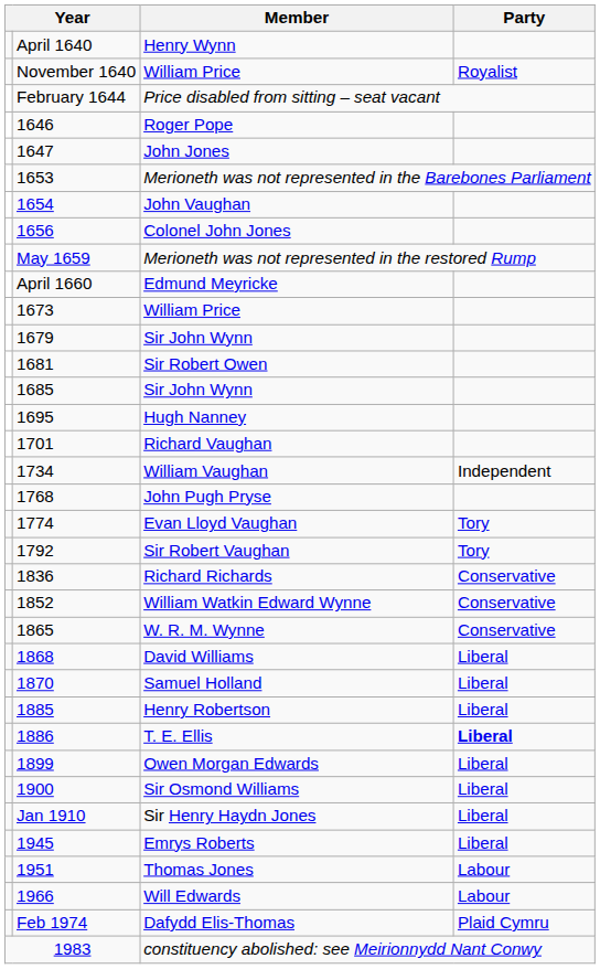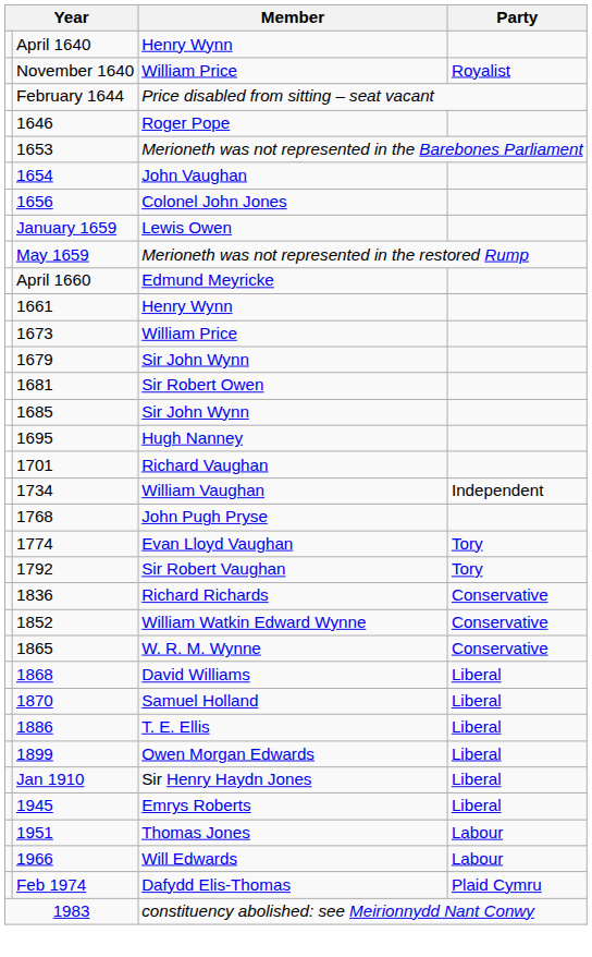 <table class="wikitable">
 <tr>
 <th colspan="2">Year</th>
 <th>Member</th>
 <th>Party</th>
 </tr>
 <tr>
 <td style="color:inherit;background-color: "></td>
 <td>April 1640</td>
 <td><a href='#'>Henry Wynn</a></td>
 <td></td>
 </tr>
 <tr>
 <td style="color:inherit;background-color: "></td>
 <td>November 1640</td>
 <td><a href='#'>William Price</a></td>
 <td><a href='#'>Royalist</a></td>
 </tr>
 <tr>
 <td style="color:inherit;background-color: white"></td>
 <td>February 1644</td>
 <td colspan="2"><em>Price disabled from sitting – seat vacant</em></td>
 </tr>
 <tr>
 <td style="color:inherit;background-color: white"></td>
 <td>1646</td>
 <td><a href='#'>Roger Pope</a></td>
 <td></td>
 </tr>
 <tr>
 <td style="color:inherit;background-color: white"></td>
-<td>1647</td>
-<td><a href='#'>John Jones</a></td>
-<td></td>
-</tr>
-<tr>
-<td style="color:inherit;background-color: white"></td>
 <td>1653</td>
 <td colspan="2"><em>Merioneth was not represented in the <a href='#'>Barebones Parliament</a></em></td>
 </tr>
 <tr>
 <td style="color:inherit;background-color: white"></td>
 <td><a href='#'>1654</a></td>
 <td><a href='#'>John Vaughan</a></td>
 <td></td>
 </tr>
 <tr>
 <td style="color:inherit;background-color: white"></td>
 <td><a href='#'>1656</a></td>
 <td><a href='#'>Colonel John Jones</a></td>
 <td></td>
 </tr>
 <tr>
 <td style="color:inherit;background-color: white"></td>
+<td><a href='#'>January 1659</a></td>
+<td><a href='#'>Lewis Owen</a></td>
+<td></td>
+</tr>
+<tr>
+<td style="color:inherit;background-color: white"></td>
 <td><a href='#'>May 1659</a></td>
 <td colspan="2"><em>Merioneth was not represented in the restored <a href='#'>Rump</a></em> </td>
 </tr>
 <tr>
 <td style="color:inherit;background-color: white"></td>
 <td>April 1660</td>
 <td><a href='#'>Edmund Meyricke</a></td>
+<td></td>
+</tr>
+<tr>
+<td style="color:inherit;background-color: white"></td>
+<td>1661</td>
+<td><a href='#'>Henry Wynn</a></td>
 <td></td>
 </tr>
 <tr>
 <td style="color:inherit;background-color: white"></td>
 <td>1673</td>
 <td><a href='#'>William Price</a></td>
 <td></td>
 </tr>
 <tr>
 <td style="color:inherit;background-color: white"></td>
 <td>1679</td>
 <td><a href='#'>Sir John Wynn</a></td>
 <td></td>
 </tr>
 <tr>
 <td style="color:inherit;background-color: white"></td>
 <td>1681</td>
 <td><a href='#'>Sir Robert Owen</a></td>
 <td></td>
 </tr>
 <tr>
 <td style="color:inherit;background-color: white"></td>
 <td>1685</td>
 <td><a href='#'>Sir John Wynn</a></td>
 <td></td>
 </tr>
 <tr>
 <td style="color:inherit;background-color: white"></td>
 <td>1695</td>
 <td><a href='#'>Hugh Nanney</a></td>
 <td></td>
 </tr>
 <tr>
 <td style="color:inherit;background-color: white"></td>
 <td>1701</td>
 <td><a href='#'>Richard Vaughan</a></td>
 <td></td>
 </tr>
 <tr>
 <td style="color:inherit;background-color: white"></td>
 <td>1734</td>
 <td><a href='#'>William Vaughan</a></td>
 <td>Independent</td>
 </tr>
 <tr>
 <td style="color:inherit;background-color: white"></td>
 <td>1768</td>
 <td><a href='#'>John Pugh Pryse</a></td>
 <td></td>
 </tr>
 <tr>
 <td style="color:inherit;background-color: "></td>
 <td>1774</td>
 <td><a href='#'>Evan Lloyd Vaughan</a></td>
 <td><a href='#'>Tory</a></td>
 </tr>
 <tr>
 <td style="color:inherit;background-color: "></td>
 <td>1792</td>
 <td><a href='#'>Sir Robert Vaughan</a></td>
 <td><a href='#'>Tory</a></td>
 </tr>
 <tr>
 <td style="color:inherit;background-color: "></td>
 <td>1836</td>
 <td><a href='#'>Richard Richards</a></td>
 <td><a href='#'>Conservative</a></td>
 </tr>
 <tr>
 <td style="color:inherit;background-color: "></td>
 <td>1852</td>
 <td><a href='#'>William Watkin Edward Wynne</a></td>
 <td><a href='#'>Conservative</a></td>
 </tr>
 <tr>
 <td style="color:inherit;background-color: "></td>
 <td>1865</td>
 <td><a href='#'>W. R. M. Wynne</a></td>
 <td><a href='#'>Conservative</a></td>
 </tr>
 <tr>
 <td style="color:inherit;background-color: "></td>
 <td><a href='#'>1868</a></td>
 <td><a href='#'>David Williams</a></td>
 <td><a href='#'>Liberal</a></td>
 </tr>
 <tr>
 <td style="color:inherit;background-color: "></td>
 <td><a href='#'>1870</a></td>
 <td><a href='#'>Samuel Holland</a></td>
 <td><a href='#'>Liberal</a></td>
 </tr>
 <tr>
 <td style="color:inherit;background-color: "></td>
-<td><a href='#'>1885</a></td>
-<td><a href='#'>Henry Robertson</a></td>
-<td><a href='#'>Liberal</a></td>
-</tr>
-<tr>
-<td style="color:inherit;background-color: "></td>
 <td><a href='#'>1886</a></td>
 <td><a href='#'>T. E. Ellis</a></td>
-<td><strong><a href='#'>Liberal</a></strong></td>
+<td><a href='#'>Liberal</a></td>
 </tr>
 <tr>
 <td style="color:inherit;background-color: "></td>
 <td><a href='#'>1899</a></td>
 <td><a href='#'>Owen Morgan Edwards</a></td>
-<td><a href='#'>Liberal</a></td>
-</tr>
-<tr>
-<td style="color:inherit;background-color: "></td>
-<td><a href='#'>1900</a></td>
-<td><a href='#'>Sir Osmond Williams</a></td>
 <td><a href='#'>Liberal</a></td>
 </tr>
 <tr>
 <td style="color:inherit;background-color: "></td>
 <td><a href='#'>Jan 1910</a></td>
 <td>Sir <a href='#'>Henry Haydn Jones</a></td>
 <td><a href='#'>Liberal</a></td>
 </tr>
 <tr>
 <td style="color:inherit;background-color: "></td>
 <td><a href='#'>1945</a></td>
 <td><a href='#'>Emrys Roberts</a></td>
 <td><a href='#'>Liberal</a></td>
 </tr>
 <tr>
 <td style="color:inherit;background-color: "></td>
 <td><a href='#'>1951</a></td>
 <td><a href='#'>Thomas Jones</a></td>
 <td><a href='#'>Labour</a></td>
 </tr>
 <tr>
 <td style="color:inherit;background-color: "></td>
 <td><a href='#'>1966</a></td>
 <td><a href='#'>Will Edwards</a></td>
 <td><a href='#'>Labour</a></td>
 </tr>
 <tr>
 <td style="color:inherit;background-color: "></td>
 <td><a href='#'>Feb 1974</a></td>
 <td><a href='#'>Dafydd Elis-Thomas</a></td>
 <td><a href='#'>Plaid Cymru</a></td>
 </tr>
 <tr>
 <td colspan="2" align="center"><a href='#'>1983</a></td>
 <td colspan="2"><em>constituency abolished: see <a href='#'>Meirionnydd Nant Conwy</a></em></td>
 </tr>
 </table>
